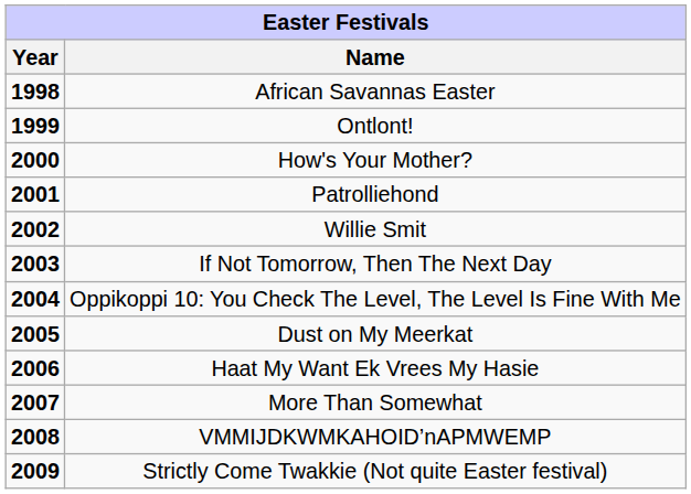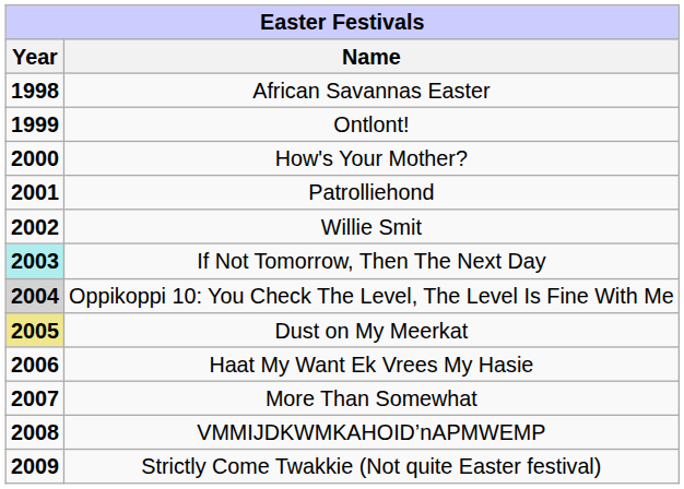 <table class="wikitable"  style="margin:auto; margin:0 0 1.0em 1.0em; text-align:center; font-size:95%;">
 <tr>
 <th colspan="5" style="background:#ccf;"><strong>Easter Festivals</strong></th>
 </tr>
 <tr>
 <th>Year</th>
 <th>Name</th>
 </tr>
 <tr>
 <td><strong>1998</strong></td>
 <td>African Savannas Easter</td>
 </tr>
 <tr>
 <td><strong>1999</strong></td>
 <td>Ontlont!</td>
 </tr>
 <tr>
 <td><strong>2000</strong></td>
 <td>How's Your Mother?</td>
 </tr>
 <tr>
 <td><strong>2001</strong></td>
 <td>Patrolliehond</td>
 </tr>
 <tr>
 <td><strong>2002</strong></td>
 <td>Willie Smit</td>
 </tr>
 <tr>
-<td><strong>2003</strong></td>
+<td style="background: paleturquoise;"><strong>2003</strong></td>
 <td>If Not Tomorrow, Then The Next Day</td>
 </tr>
 <tr>
-<td><strong>2004</strong></td>
+<td style="background: lightgrey;"><strong>2004</strong></td>
 <td>Oppikoppi 10: You Check The Level, The Level Is Fine With Me</td>
 </tr>
 <tr>
-<td><strong>2005</strong></td>
+<td style="background: khaki;"><strong>2005</strong></td>
 <td>Dust on My Meerkat</td>
 </tr>
 <tr>
 <td><strong>2006</strong></td>
 <td>Haat My Want Ek Vrees My Hasie</td>
 </tr>
 <tr>
 <td><strong>2007</strong></td>
 <td>More Than Somewhat</td>
 </tr>
 <tr>
 <td><strong>2008</strong></td>
 <td>VMMIJDKWMKAHOID’nAPMWEMP</td>
 </tr>
 <tr>
 <td><strong>2009</strong></td>
 <td>Strictly Come Twakkie (Not quite Easter festival)</td>
 </tr>
 </table>
